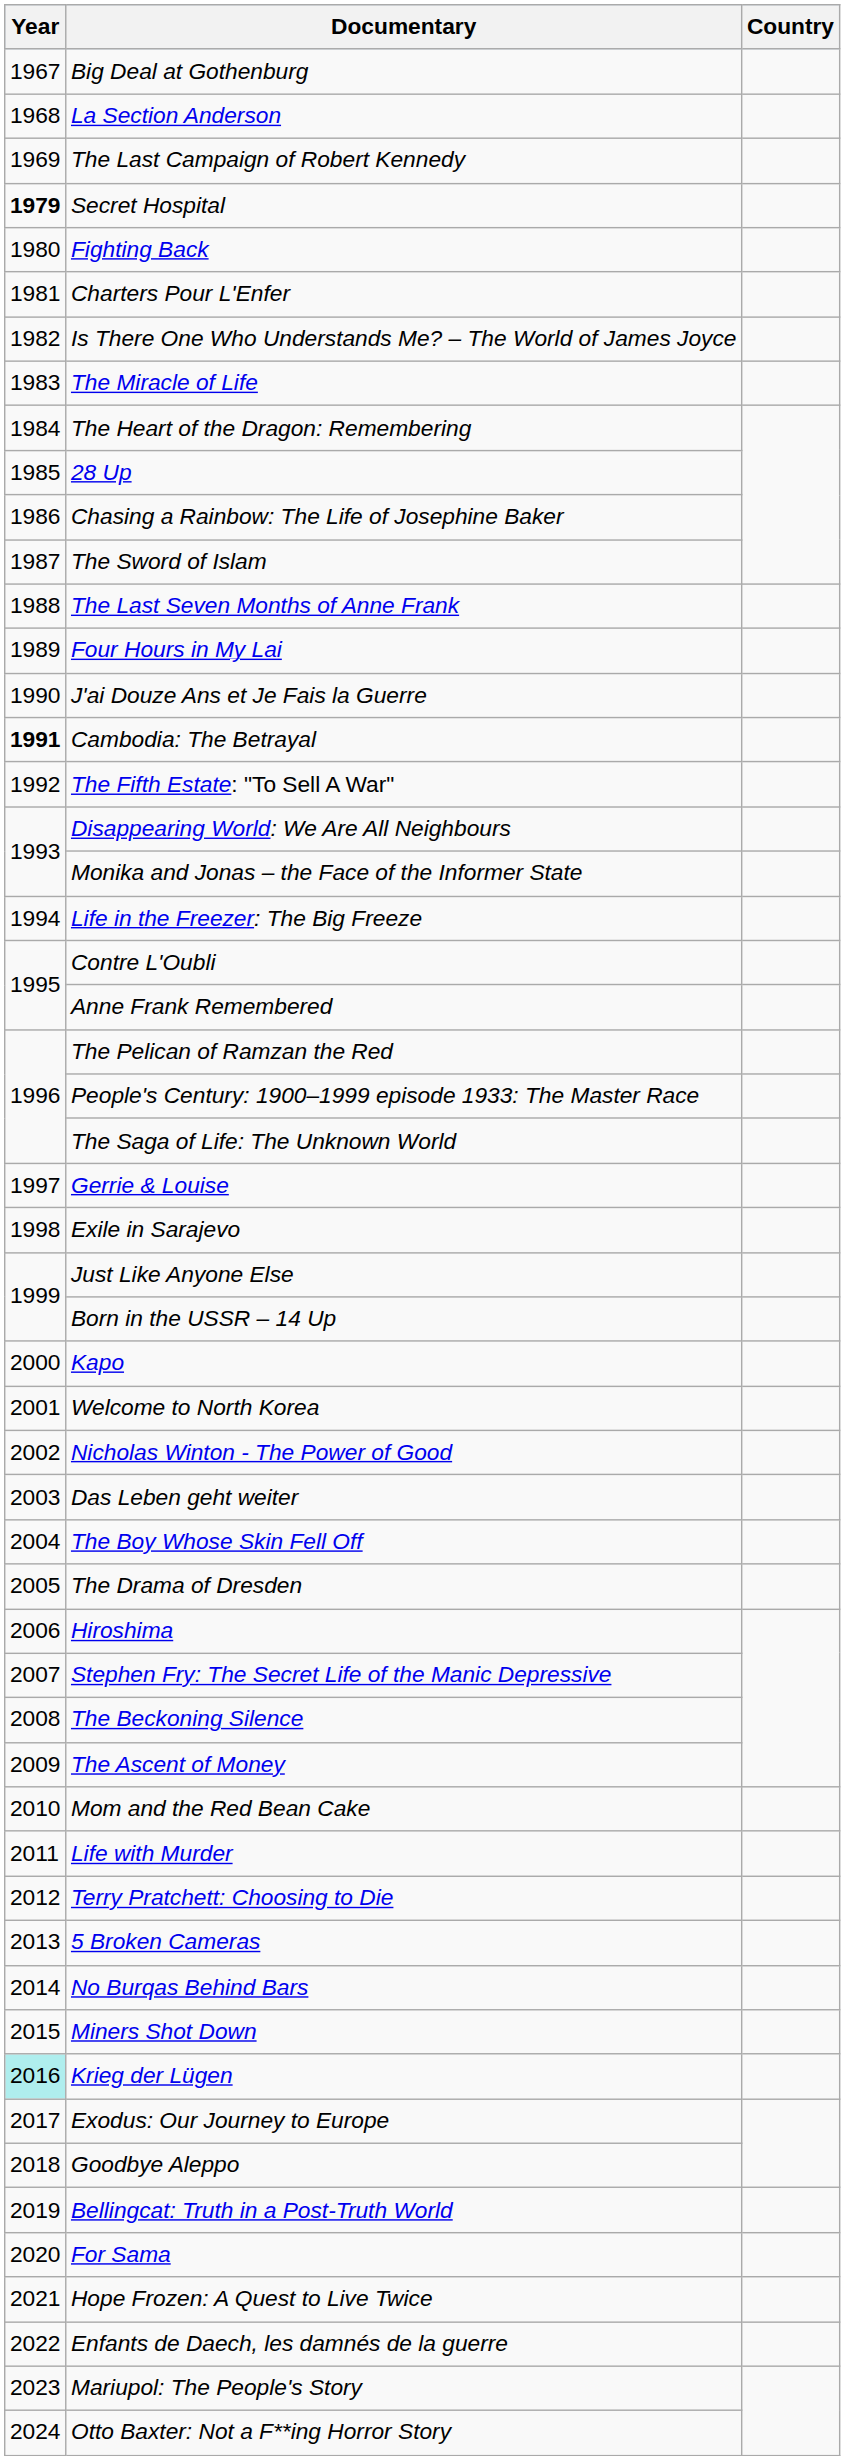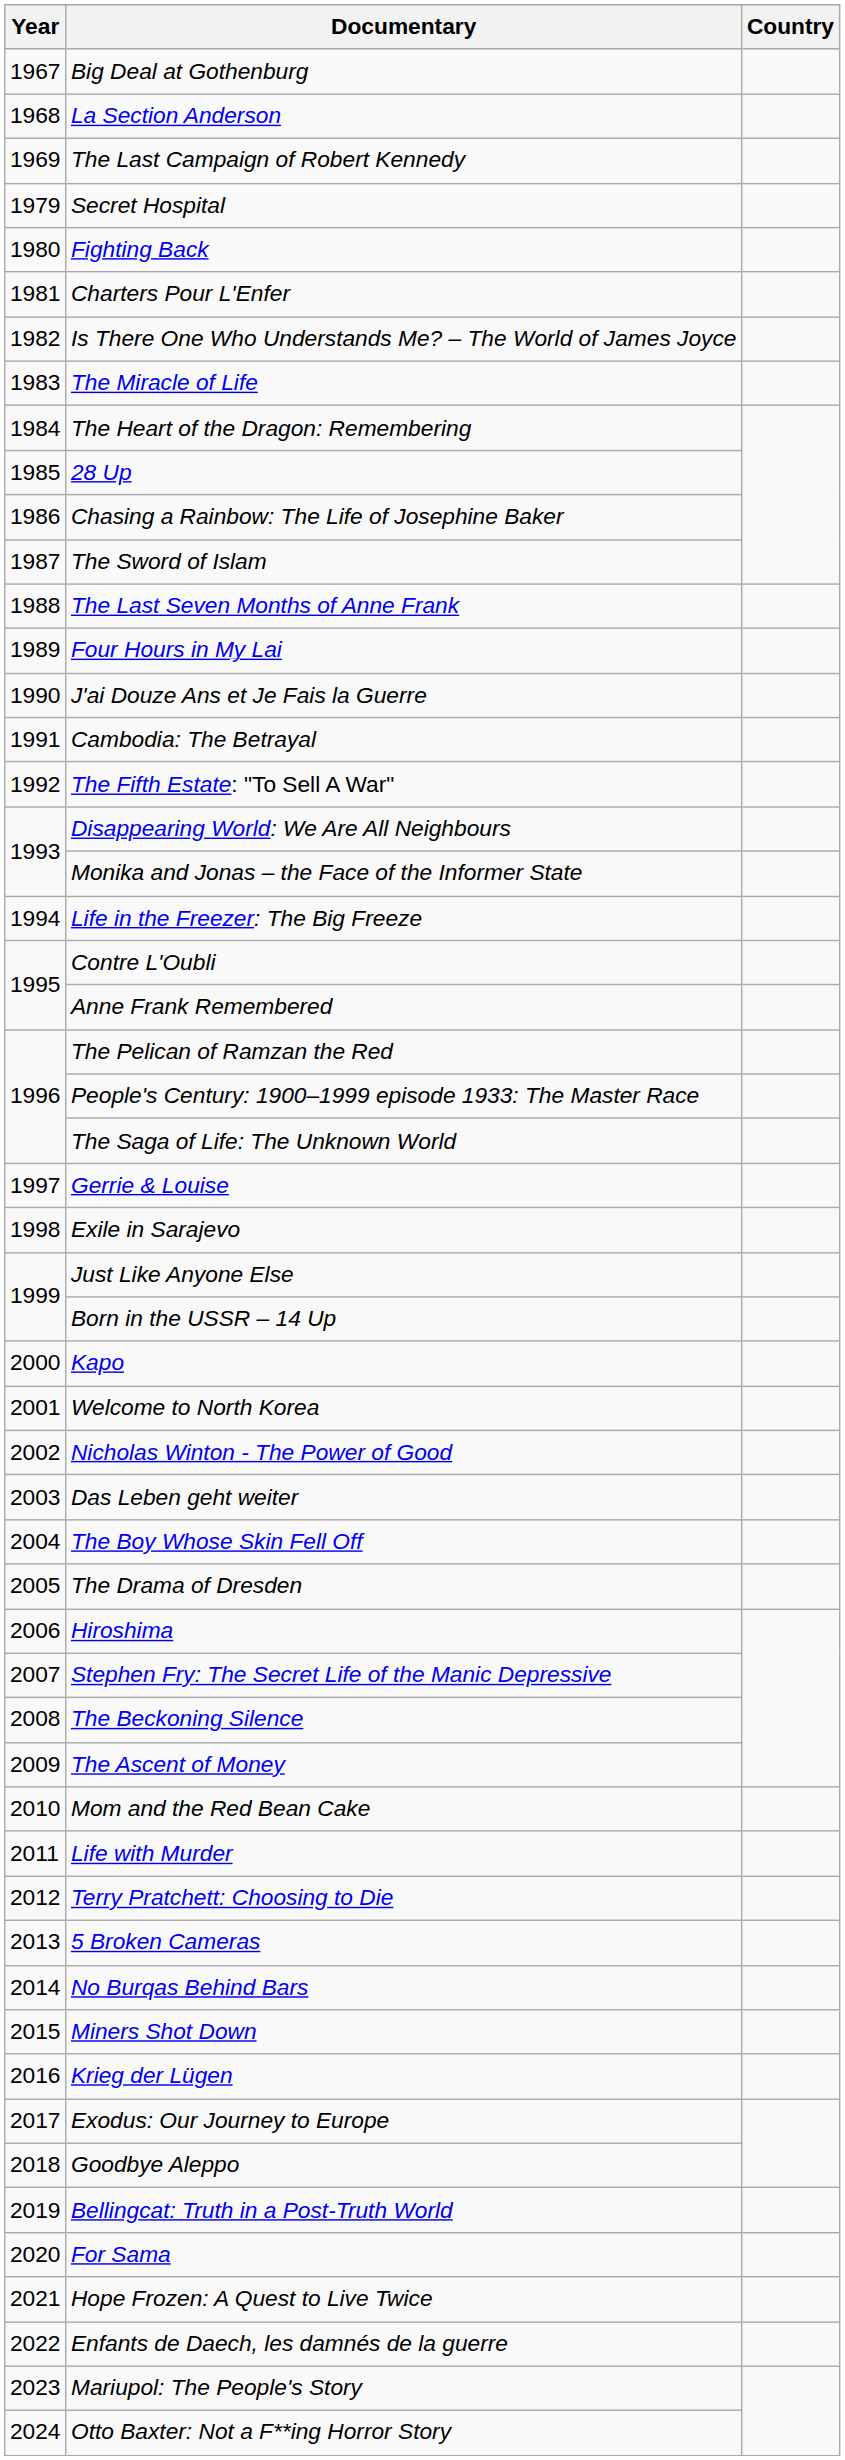 <table class="wikitable" style="font-size:1.00em; line-height:1.5em;">
 <tr style="background:#b0c4de; text-align:center;">
 <th>Year</th>
 <th>Documentary</th>
 <th>Country</th>
 </tr>
 <tr>
 <td>1967</td>
 <td><em>Big Deal at Gothenburg</em></td>
 <td></td>
 </tr>
 <tr>
 <td>1968</td>
 <td><em><a href='#'>La Section Anderson</a></em></td>
 <td></td>
 </tr>
 <tr>
 <td>1969</td>
 <td><em>The Last Campaign of Robert Kennedy</em></td>
 <td></td>
 </tr>
 <tr>
-<td><strong>1979</strong></td>
+<td>1979</td>
 <td><em>Secret Hospital</em></td>
 <td></td>
 </tr>
 <tr>
 <td>1980</td>
 <td><em><a href='#'>Fighting Back</a></em></td>
 <td></td>
 </tr>
 <tr>
 <td>1981</td>
 <td><em>Charters Pour L'Enfer</em></td>
 <td></td>
 </tr>
 <tr>
 <td>1982</td>
 <td><em>Is There One Who Understands Me? – The World of James Joyce</em></td>
 <td></td>
 </tr>
 <tr>
 <td>1983</td>
 <td><em><a href='#'>The Miracle of Life</a></em></td>
 <td></td>
 </tr>
 <tr>
 <td>1984</td>
 <td><em>The Heart of the Dragon: Remembering</em></td>
 <td rowspan="4"></td>
 </tr>
 <tr>
 <td>1985</td>
 <td><em><a href='#'>28 Up</a></em></td>
 </tr>
 <tr>
 <td>1986</td>
 <td><em>Chasing a Rainbow: The Life of Josephine Baker</em></td>
 </tr>
 <tr>
 <td>1987</td>
 <td><em>The Sword of Islam</em></td>
 </tr>
 <tr>
 <td>1988</td>
 <td><em><a href='#'>The Last Seven Months of Anne Frank</a></em></td>
 <td></td>
 </tr>
 <tr>
 <td>1989</td>
 <td><em><a href='#'>Four Hours in My Lai</a></em></td>
 <td></td>
 </tr>
 <tr>
 <td>1990</td>
 <td><em>J'ai Douze Ans et Je Fais la Guerre</em></td>
 <td></td>
 </tr>
 <tr>
-<td><strong>1991</strong></td>
+<td>1991</td>
 <td><em>Cambodia: The Betrayal</em></td>
 <td></td>
 </tr>
 <tr>
 <td>1992</td>
 <td><em><a href='#'>The Fifth Estate</a></em>: "To Sell A War"</td>
 <td></td>
 </tr>
 <tr>
 <td rowspan="2">1993</td>
 <td><em><a href='#'>Disappearing World</a>: We Are All Neighbours</em></td>
 <td></td>
 </tr>
 <tr>
 <td><em>Monika and Jonas – the Face of the Informer State</em></td>
 <td></td>
 </tr>
 <tr>
 <td>1994</td>
 <td><em><a href='#'>Life in the Freezer</a>: The Big Freeze</em></td>
 <td></td>
 </tr>
 <tr>
 <td rowspan="2">1995</td>
 <td><em>Contre L'Oubli</em></td>
 <td></td>
 </tr>
 <tr>
 <td><em>Anne Frank Remembered</em></td>
 <td></td>
 </tr>
 <tr>
 <td rowspan="3">1996</td>
 <td><em>The Pelican of Ramzan the Red</em></td>
 <td></td>
 </tr>
 <tr>
 <td><em>People's Century: 1900–1999 episode 1933: The Master Race</em></td>
 <td></td>
 </tr>
 <tr>
 <td><em>The Saga of Life: The Unknown World</em></td>
 <td></td>
 </tr>
 <tr>
 <td>1997</td>
 <td><em><a href='#'>Gerrie & Louise</a></em></td>
 <td></td>
 </tr>
 <tr>
 <td>1998</td>
 <td><em>Exile in Sarajevo</em></td>
 <td></td>
 </tr>
 <tr>
 <td rowspan="2">1999</td>
 <td><em>Just Like Anyone Else</em></td>
 <td></td>
 </tr>
 <tr>
 <td><em>Born in the USSR – 14 Up</em></td>
 <td></td>
 </tr>
 <tr>
 <td>2000</td>
 <td><em><a href='#'>Kapo</a></em></td>
 <td></td>
 </tr>
 <tr>
 <td>2001</td>
 <td><em>Welcome to North Korea</em></td>
 <td></td>
 </tr>
 <tr>
 <td>2002</td>
 <td><em><a href='#'>Nicholas Winton - The Power of Good</a></em></td>
 <td></td>
 </tr>
 <tr>
 <td>2003</td>
 <td><em>Das Leben geht weiter</em></td>
 <td></td>
 </tr>
 <tr>
 <td>2004</td>
 <td><em><a href='#'>The Boy Whose Skin Fell Off</a></em></td>
 <td></td>
 </tr>
 <tr>
 <td>2005</td>
 <td><em>The Drama of Dresden</em></td>
 <td></td>
 </tr>
 <tr>
 <td>2006</td>
 <td><em><a href='#'>Hiroshima</a></em></td>
 <td rowspan="4"></td>
 </tr>
 <tr>
 <td>2007</td>
 <td><em><a href='#'>Stephen Fry: The Secret Life of the Manic Depressive</a></em></td>
 </tr>
 <tr>
 <td>2008</td>
 <td><em><a href='#'>The Beckoning Silence</a></em></td>
 </tr>
 <tr>
 <td>2009</td>
 <td><em><a href='#'>The Ascent of Money</a></em></td>
 </tr>
 <tr>
 <td>2010</td>
 <td><em>Mom and the Red Bean Cake</em></td>
 <td></td>
 </tr>
 <tr>
 <td>2011</td>
 <td><em><a href='#'>Life with Murder</a></em></td>
 <td></td>
 </tr>
 <tr>
 <td>2012</td>
 <td><em><a href='#'>Terry Pratchett: Choosing to Die</a></em></td>
 <td></td>
 </tr>
 <tr>
 <td>2013</td>
 <td><em><a href='#'>5 Broken Cameras</a></em></td>
 <td></td>
 </tr>
 <tr>
 <td>2014</td>
 <td><em><a href='#'>No Burqas Behind Bars</a></em></td>
 <td></td>
 </tr>
 <tr>
 <td>2015</td>
 <td><em><a href='#'>Miners Shot Down</a></em></td>
 <td></td>
 </tr>
 <tr>
-<td style="background: paleturquoise;">2016</td>
+<td>2016</td>
 <td><em><a href='#'>Krieg der Lügen</a></em></td>
 <td></td>
 </tr>
 <tr>
 <td>2017</td>
 <td><em>Exodus: Our Journey to Europe</em></td>
 <td rowspan="2"></td>
 </tr>
 <tr>
 <td>2018</td>
 <td><em>Goodbye Aleppo</em></td>
 </tr>
 <tr>
 <td>2019</td>
 <td><em><a href='#'>Bellingcat: Truth in a Post-Truth World</a></em></td>
 <td></td>
 </tr>
 <tr>
 <td>2020</td>
 <td><em><a href='#'>For Sama</a></em></td>
 <td></td>
 </tr>
 <tr>
 <td>2021</td>
 <td><em>Hope Frozen: A Quest to Live Twice</em></td>
 <td></td>
 </tr>
 <tr>
 <td>2022</td>
 <td><em>Enfants de Daech, les damnés de la guerre</em></td>
 <td></td>
 </tr>
 <tr>
 <td>2023</td>
 <td><em>Mariupol: The People's Story</em></td>
 <td rowspan="2"></td>
 </tr>
 <tr>
 <td>2024</td>
 <td><em>Otto Baxter: Not a F**ing Horror Story</em></td>
 </tr>
 </table>
